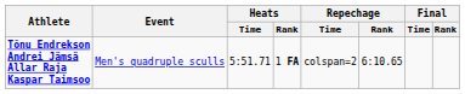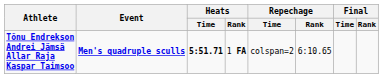 <table class="wikitable" style="font-size:90%">
 <tr>
 <th rowspan="2">Athlete</th>
 <th rowspan="2">Event</th>
 <th colspan="2">Heats</th>
 <th colspan="2">Repechage</th>
 <th colspan="2">Final</th>
 </tr>
 <tr style="font-size:95%">
 <th>Time</th>
 <th>Rank</th>
 <th>Time</th>
 <th>Rank</th>
 <th>Time</th>
 <th>Rank</th>
 </tr>
 <tr align=center>
 <td align=left><strong><a href='#'>Tõnu Endrekson</a><br><a href='#'>Andrei Jämsä</a><br><a href='#'>Allar Raja</a><br><a href='#'>Kaspar Taimsoo</a></strong></td>
-<td align=left><a href='#'>Men's quadruple sculls</a></td>
-<td>5:51.71</td>
+<td align=left><strong><a href='#'>Men's quadruple sculls</a></strong></td>
+<td><strong>5:51.71</strong></td>
 <td>1 <strong>FA</strong></td>
 <td>colspan=2 </td>
 <td>6:10.65</td>
 <td></td>
 </tr>
 </table>
